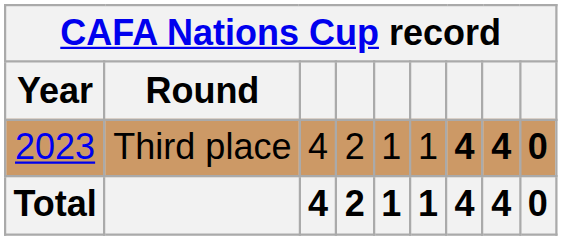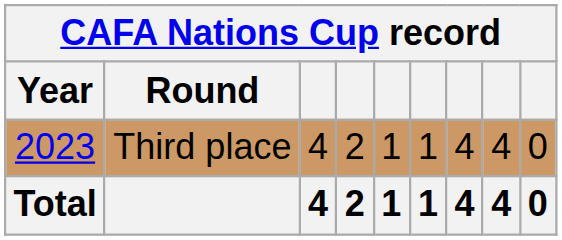 <table class="wikitable" style="text-align: center;">
 <tr>
 <th colspan=10><a href='#'>CAFA Nations Cup</a> record</th>
 </tr>
 <tr>
 <th>Year</th>
 <th>Round</th>
 <th></th>
 <th></th>
 <th></th>
 <th></th>
 <th></th>
 <th></th>
 <th></th>
 </tr>
 <tr bgcolor="#cc9966">
 <td> <a href='#'>2023</a></td>
 <td>Third place</td>
 <td>4</td>
 <td>2</td>
 <td>1</td>
 <td>1</td>
-<td><strong>4</strong></td>
-<td><strong>4</strong></td>
-<td><strong>0</strong></td>
+<td>4</td>
+<td>4</td>
+<td>0</td>
 </tr>
 <tr>
 <th>Total</th>
 <th></th>
 <th>4</th>
 <th>2</th>
 <th>1</th>
 <th>1</th>
 <th>4</th>
 <th>4</th>
 <th>0</th>
 </tr>
 </table>
